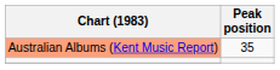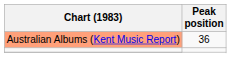 <table class="wikitable">
 <tr>
 <th>Chart (1983)</th>
 <th>Peak<br>position</th>
 </tr>
 <tr>
 <td style="background: lightsalmon;">Australian Albums (<a href='#'>Kent Music Report</a>)</td>
-<td align="center">35</td>
+<td align="center">36</td>
 </tr>
 <tr>
 <td></td>
 </tr>
 <tr>
 </tr>
 </table>
